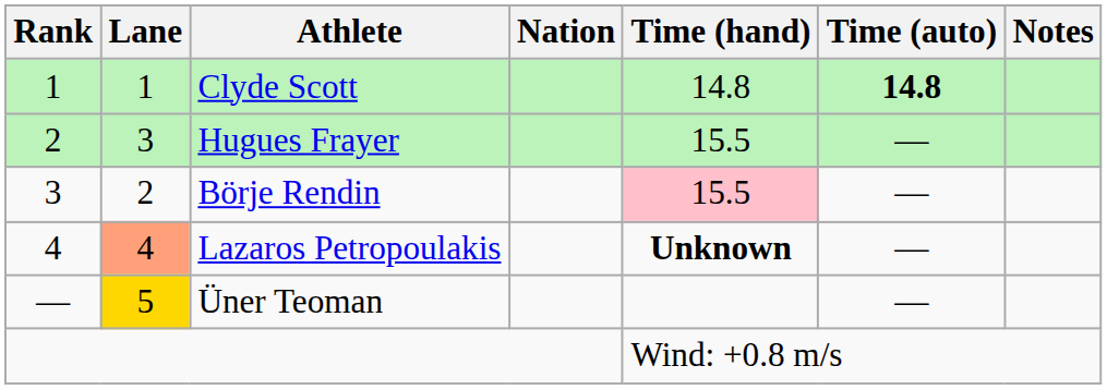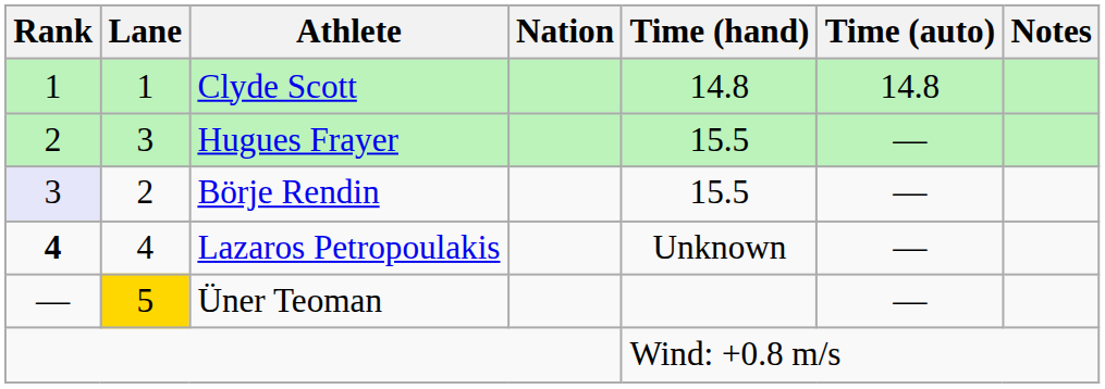 <table class="wikitable sortable" style="text-align:center">
 <tr>
 <th>Rank</th>
 <th>Lane</th>
 <th>Athlete</th>
 <th>Nation</th>
 <th>Time (hand)</th>
 <th>Time (auto)</th>
 <th>Notes</th>
 </tr>
 <tr bgcolor="bbf3bb">
 <td>1</td>
 <td>1</td>
 <td align=left><a href='#'>Clyde Scott</a></td>
 <td align=left></td>
 <td>14.8</td>
-<td><strong>14.8</strong></td>
+<td>14.8</td>
 <td></td>
 </tr>
 <tr bgcolor="bbf3bb">
 <td>2</td>
 <td>3</td>
 <td align=left><a href='#'>Hugues Frayer</a></td>
 <td align=left></td>
 <td>15.5</td>
 <td>—</td>
 <td></td>
 </tr>
 <tr>
-<td>3</td>
+<td style="background: lavender;">3</td>
 <td>2</td>
 <td align=left><a href='#'>Börje Rendin</a></td>
 <td align=left></td>
-<td style="background: pink;">15.5</td>
+<td>15.5</td>
 <td>—</td>
 <td></td>
 </tr>
 <tr>
+<td><strong>4</strong></td>
 <td>4</td>
-<td style="background: lightsalmon;">4</td>
 <td align=left><a href='#'>Lazaros Petropoulakis</a></td>
 <td align=left></td>
-<td><strong>Unknown</strong></td>
+<td>Unknown</td>
 <td>—</td>
 <td></td>
 </tr>
 <tr>
 <td data-sort-value=5>—</td>
 <td style="background: gold;">5</td>
 <td align=left>Üner Teoman</td>
 <td align=left></td>
 <td></td>
 <td>—</td>
 <td></td>
 </tr>
 <tr class="sortbottom">
 <td colspan=4></td>
 <td colspan="3" style="text-align:left;">Wind: +0.8 m/s</td>
 </tr>
 </table>
